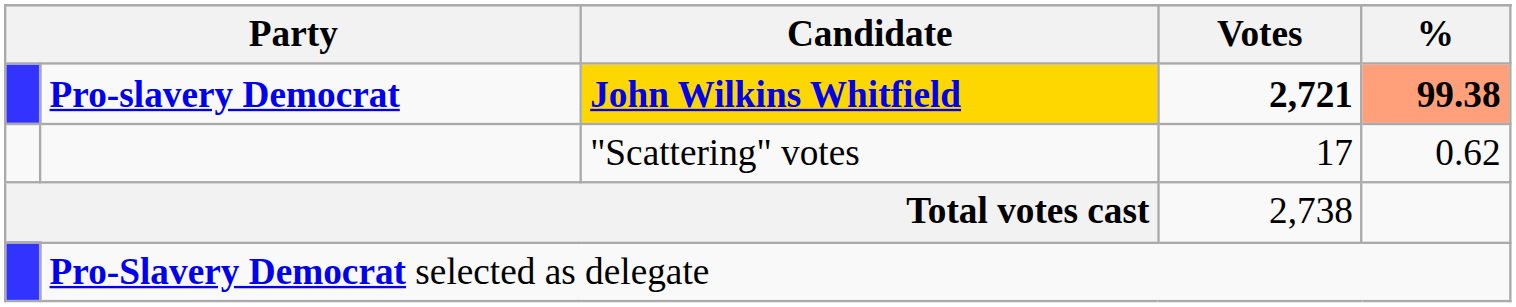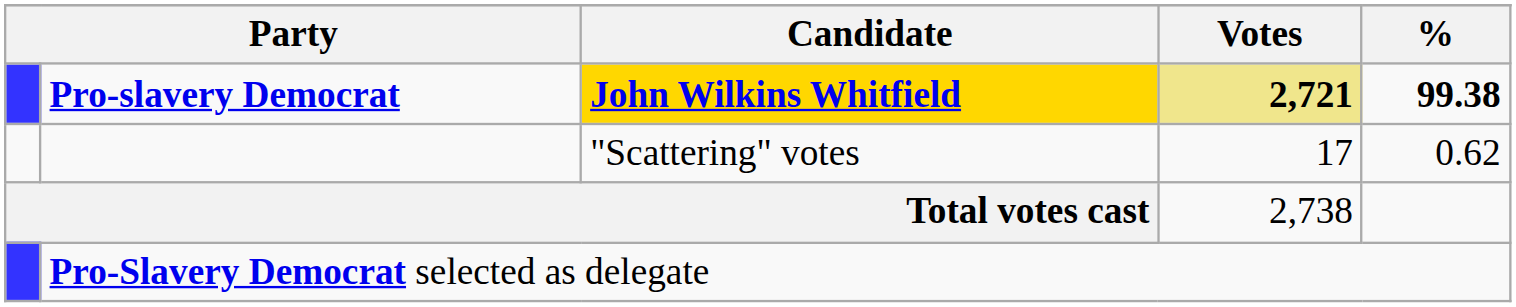 <table class="wikitable plainrowheaders" style="text-align:center;">
 <tr>
 </tr>
 <tr>
 <th scope="col" colspan="2" style="width: 15em">Party</th>
 <th scope="col" style="width: 15em">Candidate</th>
 <th scope="col" style="width: 5em">Votes</th>
 <th scope="col" style="width: 3.5em">%</th>
 </tr>
 <tr>
 <td style="width: 0.5em; background-color:#3333FF"></td>
 <td style="text-align: left"><strong><a href='#'>Pro-slavery Democrat</a></strong></td>
 <td style="background: gold; text-align: left"><strong><a href='#'>John Wilkins Whitfield</a></strong></td>
-<td style="text-align: right; margin-right: 0.5em"><strong>2,721</strong></td>
-<td style="background: lightsalmon; text-align: right; margin-right: 0.5em"><strong>99.38</strong></td>
+<td style="background: khaki; text-align: right; margin-right: 0.5em"><strong>2,721</strong></td>
+<td style="text-align: right; margin-right: 0.5em"><strong>99.38</strong></td>
 </tr>
 <tr>
 <td style="width: 0.5em"></td>
 <td style="text-align: left"></td>
 <td style="text-align: left">"Scattering" votes</td>
 <td style="text-align: right; margin-right: 0.5em">17</td>
 <td style="text-align: right; margin-right: 0.5em">0.62</td>
 </tr>
 <tr>
 <th colspan="3" style="text-align:right;">Total votes cast</th>
 <td style="text-align:right;">2,738</td>
 <td style="text-align:right;"></td>
 </tr>
 <tr>
 <td style="width: 0.5em; background-color:#3333FF"></td>
 <td colspan="4" style="text-align:left;"><strong><a href='#'>Pro-Slavery Democrat</a></strong> selected as delegate</td>
 </tr>
 </table>
